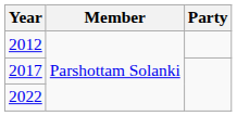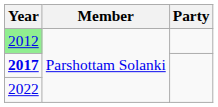 <table class="wikitable sortable">
 <tr>
 <th>Year</th>
 <th>Member</th>
 <th colspan=2>Party</th>
 </tr>
 <tr>
-<td><a href='#'>2012</a></td>
+<td style="background: lightgreen;"><a href='#'>2012</a></td>
 <td rowspan=3><a href='#'>Parshottam Solanki</a></td>
 <td></td>
 </tr>
 <tr>
-<td><a href='#'>2017</a></td>
+<td><strong><a href='#'>2017</a></strong></td>
 </tr>
 <tr>
 <td><a href='#'>2022</a></td>
 </tr>
 </table>
